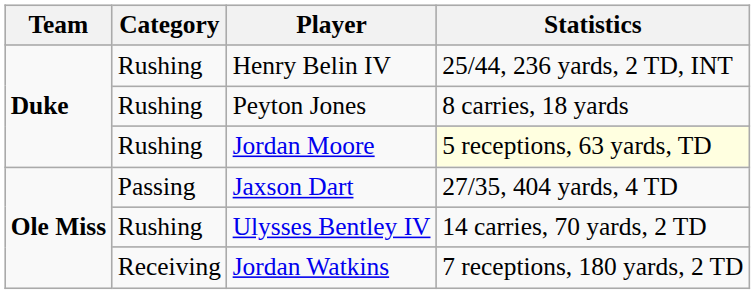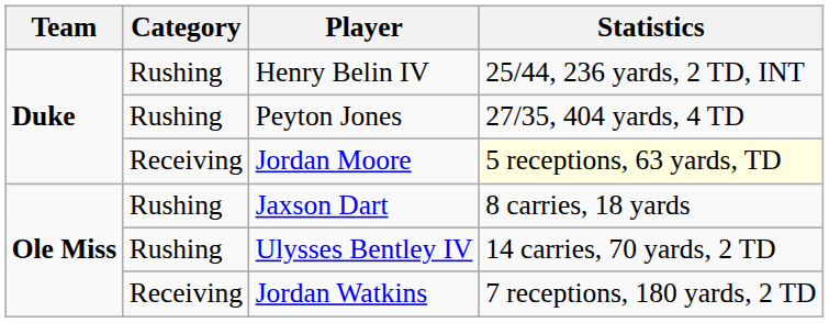 <table class="wikitable" style="float: right;">
 <tr>
 <th>Team</th>
 <th>Category</th>
 <th>Player</th>
 <th>Statistics</th>
 </tr>
 <tr>
 <td rowspan=3><strong>Duke</strong></td>
 <td>Rushing</td>
 <td>Henry Belin IV</td>
 <td>25/44, 236 yards, 2 TD, INT</td>
 </tr>
 <tr>
 <td>Rushing</td>
 <td>Peyton Jones</td>
-<td>8 carries, 18 yards</td>
+<td>27/35, 404 yards, 4 TD</td>
 </tr>
 <tr>
-<td>Rushing</td>
+<td>Receiving</td>
 <td><a href='#'>Jordan Moore</a></td>
 <td style="background: lightyellow;">5 receptions, 63 yards, TD</td>
 </tr>
 <tr>
 <td rowspan=3><strong>Ole Miss</strong></td>
-<td>Passing</td>
+<td>Rushing</td>
 <td><a href='#'>Jaxson Dart</a></td>
-<td>27/35, 404 yards, 4 TD</td>
+<td>8 carries, 18 yards</td>
 </tr>
 <tr>
 <td>Rushing</td>
 <td><a href='#'>Ulysses Bentley IV</a></td>
 <td>14 carries, 70 yards, 2 TD</td>
 </tr>
 <tr>
 <td>Receiving</td>
 <td><a href='#'>Jordan Watkins</a></td>
 <td>7 receptions, 180 yards, 2 TD</td>
 </tr>
 </table>
